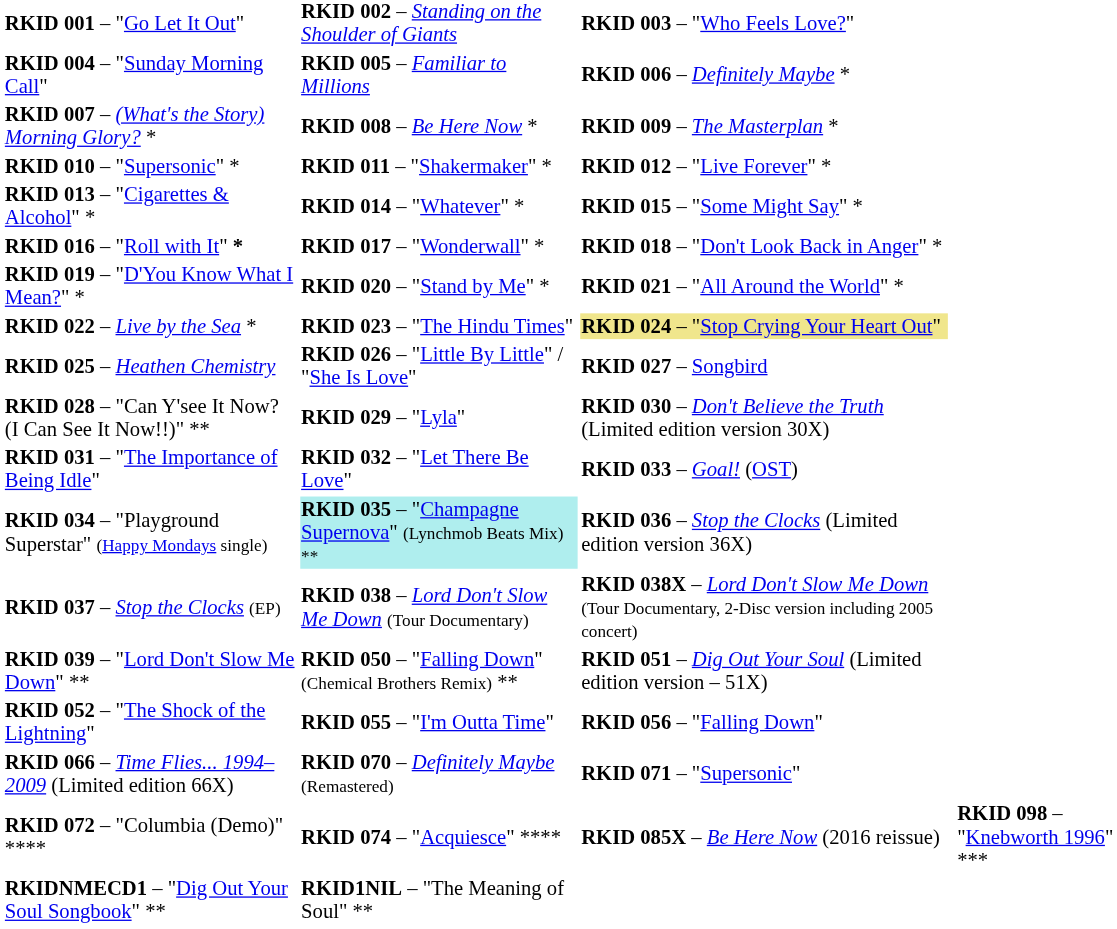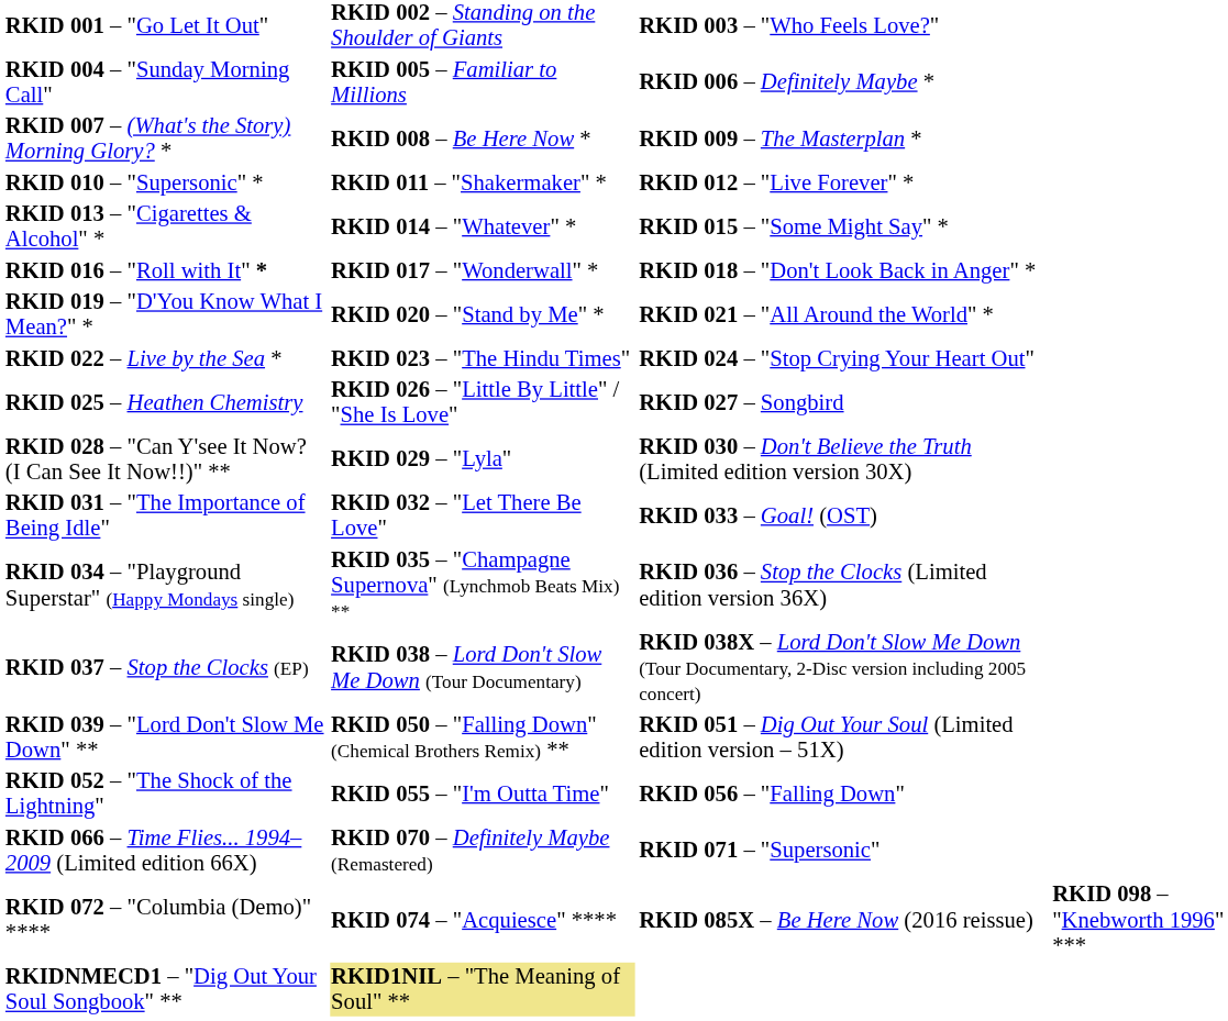 <table>
 <tr>
 <td><strong>RKID 001</strong> – "<a href='#'>Go Let It Out</a>"</td>
 <td><strong>RKID 002</strong> – <em><a href='#'>Standing on the Shoulder of Giants</a></em></td>
 <td><strong>RKID 003</strong> – "<a href='#'>Who Feels Love?</a>"</td>
 </tr>
 <tr>
 <td><strong>RKID 004</strong> – "<a href='#'>Sunday Morning Call</a>"</td>
 <td><strong>RKID 005</strong> – <em><a href='#'>Familiar to Millions</a></em></td>
 <td><strong>RKID 006</strong> – <em><a href='#'>Definitely Maybe</a></em> *</td>
 </tr>
 <tr>
 <td><strong>RKID 007</strong> – <em><a href='#'>(What's the Story) Morning Glory?</a></em> *</td>
 <td><strong>RKID 008</strong> – <em><a href='#'>Be Here Now</a></em> *</td>
 <td><strong>RKID 009</strong> – <em><a href='#'>The Masterplan</a></em> *</td>
 </tr>
 <tr>
 <td><strong>RKID 010</strong> – "<a href='#'>Supersonic</a>" *</td>
 <td><strong>RKID 011</strong> – "<a href='#'>Shakermaker</a>" *</td>
 <td><strong>RKID 012</strong> – "<a href='#'>Live Forever</a>" *</td>
 </tr>
 <tr>
 <td><strong>RKID 013</strong> – "<a href='#'>Cigarettes & Alcohol</a>" *</td>
 <td><strong>RKID 014</strong> – "<a href='#'>Whatever</a>" *</td>
 <td><strong>RKID 015</strong> – "<a href='#'>Some Might Say</a>" *</td>
 </tr>
 <tr>
 <td><strong>RKID 016</strong> – "<a href='#'>Roll with It</a>" <strong>*</strong></td>
 <td><strong>RKID 017</strong> – "<a href='#'>Wonderwall</a>" *</td>
 <td><strong>RKID 018</strong> – "<a href='#'>Don't Look Back in Anger</a>" *</td>
 </tr>
 <tr>
 <td><strong>RKID 019</strong> – "<a href='#'>D'You Know What I Mean?</a>" *</td>
 <td><strong>RKID 020</strong> – "<a href='#'>Stand by Me</a>" *</td>
 <td><strong>RKID 021</strong> – "<a href='#'>All Around the World</a>" *</td>
 </tr>
 <tr>
 <td><strong>RKID 022</strong> – <em><a href='#'>Live by the Sea</a></em> *</td>
 <td><strong>RKID 023</strong> – "<a href='#'>The Hindu Times</a>"</td>
-<td style="background: khaki;"><strong>RKID 024</strong> – "<a href='#'>Stop Crying Your Heart Out</a>"</td>
+<td><strong>RKID 024</strong> – "<a href='#'>Stop Crying Your Heart Out</a>"</td>
 </tr>
 <tr>
 <td><strong>RKID 025</strong> – <em><a href='#'>Heathen Chemistry</a></em></td>
 <td><strong>RKID 026</strong> – "<a href='#'>Little By Little</a>"  / "<a href='#'>She Is Love</a>"</td>
 <td><strong>RKID 027</strong> – <a href='#'>Songbird</a></td>
 </tr>
 <tr>
 <td><strong>RKID 028</strong> – "Can Y'see It Now? (I Can See It Now!!)" **</td>
 <td><strong>RKID 029</strong> – "<a href='#'>Lyla</a>"</td>
 <td><strong>RKID 030</strong> – <em><a href='#'>Don't Believe the Truth</a></em> (Limited edition version 30X)</td>
 </tr>
 <tr>
 <td><strong>RKID 031</strong> – "<a href='#'>The Importance of Being Idle</a>"</td>
 <td><strong>RKID 032</strong> – "<a href='#'>Let There Be Love</a>"</td>
 <td><strong>RKID 033</strong> – <em><a href='#'>Goal!</a></em> (<a href='#'>OST</a>)</td>
 </tr>
 <tr>
 <td><strong>RKID 034</strong> – "Playground Superstar" <small>(<a href='#'>Happy Mondays</a> single)</small></td>
-<td style="background: paleturquoise;"><strong>RKID 035</strong> – "<a href='#'>Champagne Supernova</a>" <small>(Lynchmob Beats Mix) **</small></td>
+<td><strong>RKID 035</strong> – "<a href='#'>Champagne Supernova</a>" <small>(Lynchmob Beats Mix) **</small></td>
 <td><strong>RKID 036</strong> – <em><a href='#'>Stop the Clocks</a></em> (Limited edition version 36X)</td>
 </tr>
 <tr>
 <td><strong>RKID 037</strong> – <em><a href='#'>Stop the Clocks</a></em> <small>(EP)</small></td>
 <td><strong>RKID 038</strong> – <em><a href='#'>Lord Don't Slow Me Down</a></em> <small>(Tour Documentary)</small></td>
 <td><strong>RKID 038X</strong> – <em><a href='#'>Lord Don't Slow Me Down</a></em> <small>(Tour Documentary, 2-Disc version including 2005 concert)</small></td>
 </tr>
 <tr>
 <td><strong>RKID 039</strong> – "<a href='#'>Lord Don't Slow Me Down</a>" **</td>
 <td><strong>RKID 050</strong> – "<a href='#'>Falling Down</a>" <small>(Chemical Brothers Remix)</small> **</td>
 <td><strong>RKID 051</strong> – <em><a href='#'>Dig Out Your Soul</a></em> (Limited edition version – 51X)</td>
 </tr>
 <tr>
 <td><strong>RKID 052</strong> – "<a href='#'>The Shock of the Lightning</a>"</td>
 <td><strong>RKID 055</strong> – "<a href='#'>I'm Outta Time</a>"</td>
 <td><strong>RKID 056</strong> – "<a href='#'>Falling Down</a>"</td>
 <td></td>
 </tr>
 <tr>
 <td><strong>RKID 066</strong> – <em><a href='#'>Time Flies... 1994–2009</a></em> (Limited edition 66X)</td>
 <td><strong>RKID 070</strong> – <em><a href='#'>Definitely Maybe</a></em> <small>(Remastered)</small></td>
 <td><strong>RKID 071</strong> – "<a href='#'>Supersonic</a>"</td>
 </tr>
 <tr>
 <td><strong>RKID 072</strong> – "Columbia (Demo)" ****</td>
 <td><strong>RKID 074</strong> – "<a href='#'>Acquiesce</a>" ****</td>
 <td><strong>RKID 085X</strong> –  <em><a href='#'>Be Here Now</a></em> (2016 reissue)</td>
 <td></td>
 <td><strong>RKID 098</strong> – "<a href='#'>Knebworth 1996</a>" ***</td>
 </tr>
 <tr>
 <td><strong>RKIDNMECD1</strong> – "<a href='#'>Dig Out Your Soul Songbook</a>" **</td>
-<td><strong>RKID1NIL</strong> – "The Meaning of Soul" **</td>
+<td style="background: khaki;"><strong>RKID1NIL</strong> – "The Meaning of Soul" **</td>
 <td></td>
 </tr>
 </table>
